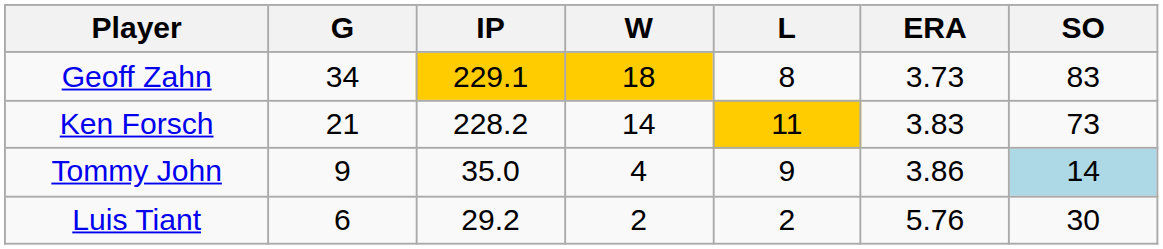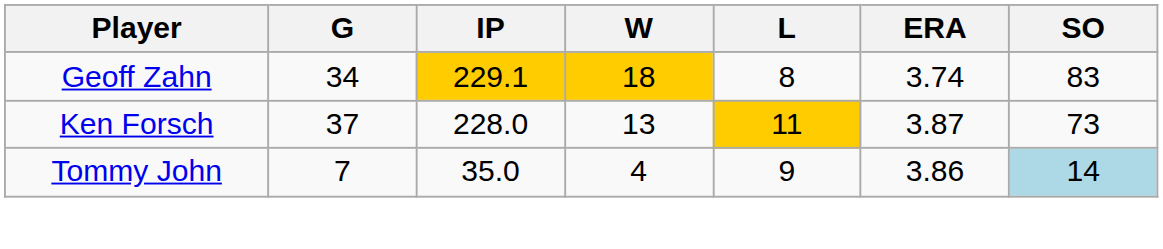 <table class="wikitable sortable">
 <tr>
 <th bgcolor="#DDDDFF" width="16%">Player</th>
 <th bgcolor="#DDDDFF" width="9%">G</th>
 <th bgcolor="#DDDDFF" width="9%">IP</th>
 <th bgcolor="#DDDDFF" width="9%">W</th>
 <th bgcolor="#DDDDFF" width="9%">L</th>
 <th bgcolor="#DDDDFF" width="9%">ERA</th>
 <th bgcolor="#DDDDFF" width="9%">SO</th>
 </tr>
 <tr align="center">
 <td><a href='#'>Geoff Zahn</a></td>
 <td>34</td>
 <td style="background:#fc0;">229.1</td>
 <td style="background:#fc0;">18</td>
 <td>8</td>
-<td>3.73</td>
+<td>3.74</td>
 <td>83</td>
 </tr>
 <tr align="center">
 <td><a href='#'>Ken Forsch</a></td>
-<td>21</td>
-<td>228.2</td>
-<td>14</td>
+<td>37</td>
+<td>228.0</td>
+<td>13</td>
 <td style="background:#fc0;">11</td>
-<td>3.83</td>
+<td>3.87</td>
 <td>73</td>
 </tr>
 <tr align="center">
 <td><a href='#'>Tommy John</a></td>
-<td>9</td>
+<td>7</td>
 <td>35.0</td>
 <td>4</td>
 <td>9</td>
 <td>3.86</td>
 <td style="background: lightblue;">14</td>
 </tr>
-<tr align="center">
-<td><a href='#'>Luis Tiant</a></td>
-<td>6</td>
-<td>29.2</td>
-<td>2</td>
-<td>2</td>
-<td>5.76</td>
-<td>30</td>
-</tr>
 </table>
